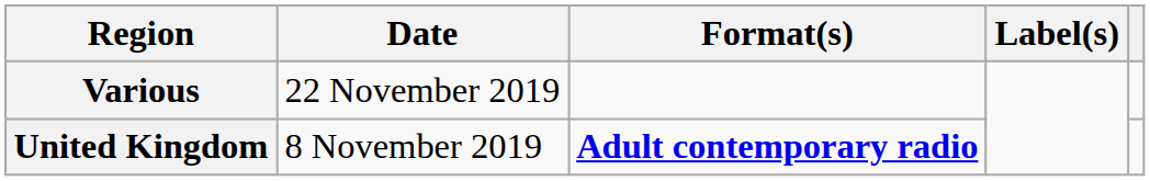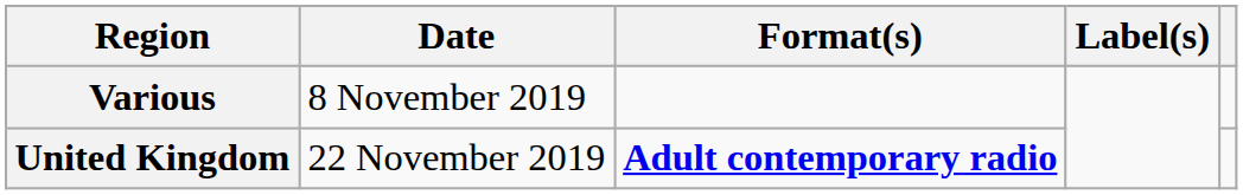 <table class="wikitable plainrowheaders">
 <tr>
 <th scope="col">Region</th>
 <th scope="col">Date</th>
 <th scope="col">Format(s)</th>
 <th scope="col">Label(s)</th>
 <th scope="col"></th>
 </tr>
 <tr>
 <th scope="row">Various</th>
-<td>22 November 2019</td>
+<td>8 November 2019</td>
 <td></td>
 <td rowspan="2"></td>
 <td style="text-align:center;"></td>
 </tr>
 <tr>
 <th scope="row">United Kingdom</th>
-<td>8 November 2019</td>
+<td>22 November 2019</td>
 <td><strong><a href='#'>Adult contemporary radio</a></strong></td>
 <td style="text-align:center;"></td>
 </tr>
 </table>
